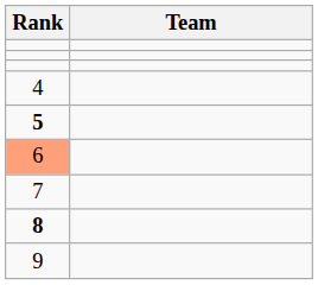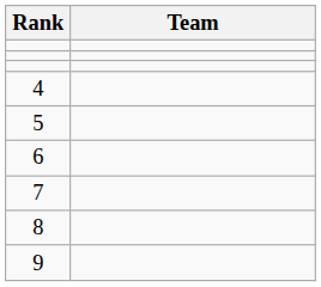 <table class="wikitable" style="text-align: center;">
 <tr>
 <th width=40>Rank</th>
 <th width=170>Team</th>
 </tr>
 <tr>
 <td></td>
 <td align="left"></td>
 </tr>
 <tr>
 <td></td>
 <td align="left"></td>
 </tr>
 <tr>
 <td></td>
 <td align="left"></td>
 </tr>
 <tr>
 <td>4</td>
 <td align="left"></td>
 </tr>
 <tr>
-<td><strong>5</strong></td>
+<td>5</td>
 <td align="left"></td>
 </tr>
 <tr>
-<td style="background: lightsalmon;">6</td>
+<td>6</td>
 <td align="left"></td>
 </tr>
 <tr>
 <td>7</td>
 <td align="left"></td>
 </tr>
 <tr>
-<td><strong>8</strong></td>
+<td>8</td>
 <td align="left"></td>
 </tr>
 <tr>
 <td>9</td>
 <td align="left"></td>
 </tr>
 </table>
